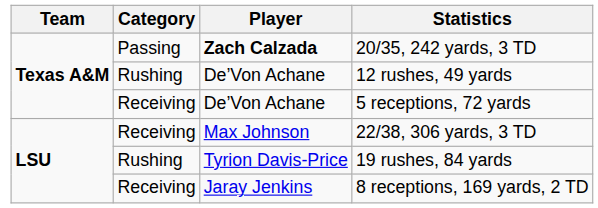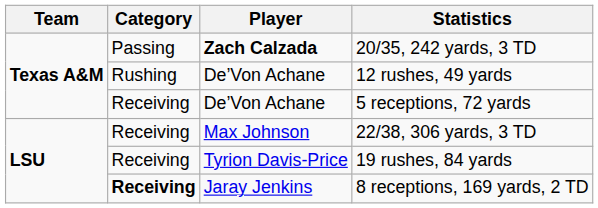 <table class="wikitable" style="float: right;">
 <tr>
 <th>Team</th>
 <th>Category</th>
 <th>Player</th>
 <th>Statistics</th>
 </tr>
 <tr>
 <td rowspan=3><strong>Texas A&M</strong></td>
 <td>Passing</td>
 <td><strong>Zach Calzada</strong></td>
 <td>20/35, 242 yards, 3 TD</td>
 </tr>
 <tr>
 <td>Rushing</td>
 <td>De’Von Achane</td>
 <td>12 rushes, 49 yards</td>
 </tr>
 <tr>
 <td>Receiving</td>
 <td>De’Von Achane</td>
 <td>5 receptions, 72 yards</td>
 </tr>
 <tr>
 <td rowspan=3><strong>LSU</strong></td>
 <td>Receiving</td>
 <td><a href='#'>Max Johnson</a></td>
 <td>22/38, 306 yards, 3 TD</td>
 </tr>
 <tr>
-<td>Rushing</td>
+<td>Receiving</td>
 <td><a href='#'>Tyrion Davis-Price</a></td>
 <td>19 rushes, 84 yards</td>
 </tr>
 <tr>
-<td>Receiving</td>
+<td><strong>Receiving</strong></td>
 <td><a href='#'>Jaray Jenkins</a></td>
 <td>8 receptions, 169 yards, 2 TD</td>
 </tr>
 </table>
